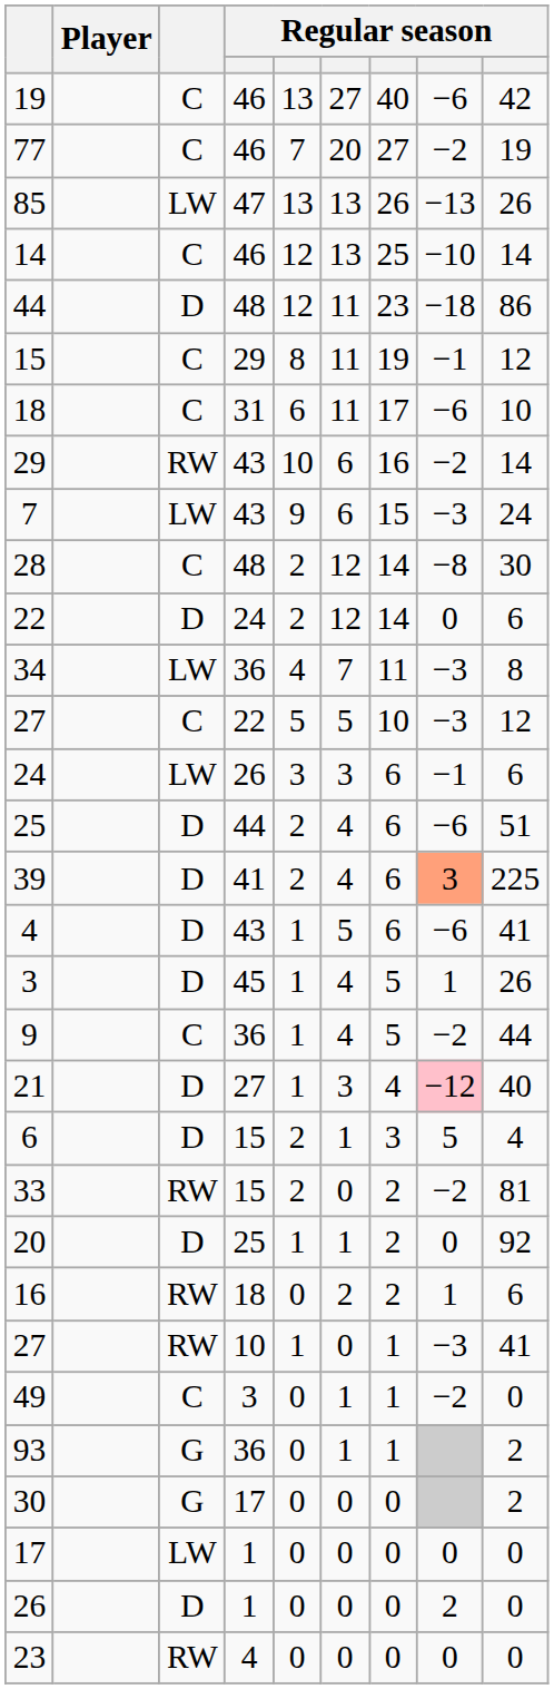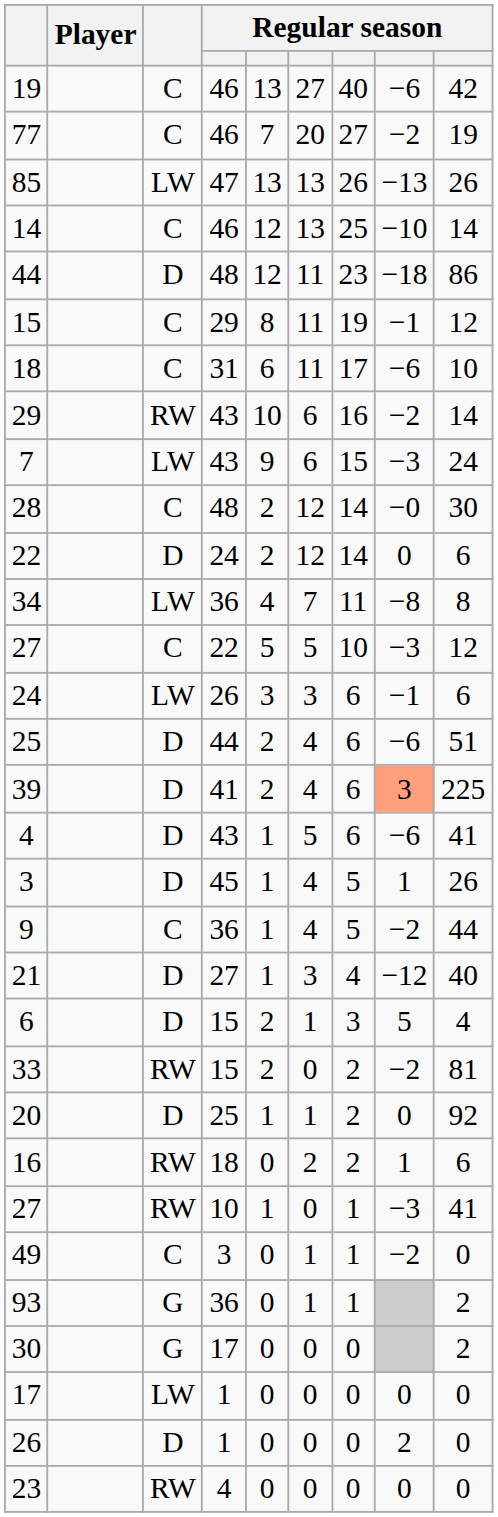 <table class="wikitable sortable plainrowheaders" style="text-align:center;">
 <tr>
 <th scope="col" data-sort-type="number" rowspan="2"></th>
 <th scope="col" rowspan="2">Player</th>
 <th scope="col" rowspan="2"></th>
 <th scope=colgroup colspan=6>Regular season</th>
 </tr>
 <tr>
 <th scope="col" data-sort-type="number"></th>
 <th scope="col" data-sort-type="number"></th>
 <th scope="col" data-sort-type="number"></th>
 <th scope="col" data-sort-type="number"></th>
 <th scope="col" data-sort-type="number"></th>
 <th scope="col" data-sort-type="number"></th>
 </tr>
 <tr>
 <td scope="row">19</td>
 <td align="left"></td>
 <td>C</td>
 <td>46</td>
 <td>13</td>
 <td>27</td>
 <td>40</td>
 <td>−6</td>
 <td>42</td>
 </tr>
 <tr>
 <td scope="row">77</td>
 <td align="left"></td>
 <td>C</td>
 <td>46</td>
 <td>7</td>
 <td>20</td>
 <td>27</td>
 <td>−2</td>
 <td>19</td>
 </tr>
 <tr>
 <td scope="row">85</td>
 <td align="left"></td>
 <td>LW</td>
 <td>47</td>
 <td>13</td>
 <td>13</td>
 <td>26</td>
 <td>−13</td>
 <td>26</td>
 </tr>
 <tr>
 <td scope="row">14</td>
 <td align="left"></td>
 <td>C</td>
 <td>46</td>
 <td>12</td>
 <td>13</td>
 <td>25</td>
 <td>−10</td>
 <td>14</td>
 </tr>
 <tr>
 <td scope="row">44</td>
 <td align="left"></td>
 <td>D</td>
 <td>48</td>
 <td>12</td>
 <td>11</td>
 <td>23</td>
 <td>−18</td>
 <td>86</td>
 </tr>
 <tr>
 <td scope="row">15</td>
 <td align="left"></td>
 <td>C</td>
 <td>29</td>
 <td>8</td>
 <td>11</td>
 <td>19</td>
 <td>−1</td>
 <td>12</td>
 </tr>
 <tr>
 <td scope="row">18</td>
 <td align="left"></td>
 <td>C</td>
 <td>31</td>
 <td>6</td>
 <td>11</td>
 <td>17</td>
 <td>−6</td>
 <td>10</td>
 </tr>
 <tr>
 <td scope="row">29</td>
 <td align="left"></td>
 <td>RW</td>
 <td>43</td>
 <td>10</td>
 <td>6</td>
 <td>16</td>
 <td>−2</td>
 <td>14</td>
 </tr>
 <tr>
 <td scope="row">7</td>
 <td align="left"></td>
 <td>LW</td>
 <td>43</td>
 <td>9</td>
 <td>6</td>
 <td>15</td>
 <td>−3</td>
 <td>24</td>
 </tr>
 <tr>
 <td scope="row">28</td>
 <td align="left"></td>
 <td>C</td>
 <td>48</td>
 <td>2</td>
 <td>12</td>
 <td>14</td>
-<td>−8</td>
+<td>−0</td>
 <td>30</td>
 </tr>
 <tr>
 <td scope="row">22</td>
 <td align="left"></td>
 <td>D</td>
 <td>24</td>
 <td>2</td>
 <td>12</td>
 <td>14</td>
 <td>0</td>
 <td>6</td>
 </tr>
 <tr>
 <td scope="row">34</td>
 <td align="left"></td>
 <td>LW</td>
 <td>36</td>
 <td>4</td>
 <td>7</td>
 <td>11</td>
-<td>−3</td>
+<td>−8</td>
 <td>8</td>
 </tr>
 <tr>
 <td scope="row">27</td>
 <td align="left"></td>
 <td>C</td>
 <td>22</td>
 <td>5</td>
 <td>5</td>
 <td>10</td>
 <td>−3</td>
 <td>12</td>
 </tr>
 <tr>
 <td scope="row">24</td>
 <td align="left"></td>
 <td>LW</td>
 <td>26</td>
 <td>3</td>
 <td>3</td>
 <td>6</td>
 <td>−1</td>
 <td>6</td>
 </tr>
 <tr>
 <td scope="row">25</td>
 <td align="left"></td>
 <td>D</td>
 <td>44</td>
 <td>2</td>
 <td>4</td>
 <td>6</td>
 <td>−6</td>
 <td>51</td>
 </tr>
 <tr>
 <td scope="row">39</td>
 <td align="left"></td>
 <td>D</td>
 <td>41</td>
 <td>2</td>
 <td>4</td>
 <td>6</td>
 <td style="background: lightsalmon;">3</td>
 <td>225</td>
 </tr>
 <tr>
 <td scope="row">4</td>
 <td align="left"></td>
 <td>D</td>
 <td>43</td>
 <td>1</td>
 <td>5</td>
 <td>6</td>
 <td>−6</td>
 <td>41</td>
 </tr>
 <tr>
 <td scope="row">3</td>
 <td align="left"></td>
 <td>D</td>
 <td>45</td>
 <td>1</td>
 <td>4</td>
 <td>5</td>
 <td>1</td>
 <td>26</td>
 </tr>
 <tr>
 <td scope="row">9</td>
 <td align="left"></td>
 <td>C</td>
 <td>36</td>
 <td>1</td>
 <td>4</td>
 <td>5</td>
 <td>−2</td>
 <td>44</td>
 </tr>
 <tr>
 <td scope="row">21</td>
 <td align="left"></td>
 <td>D</td>
 <td>27</td>
 <td>1</td>
 <td>3</td>
 <td>4</td>
-<td style="background: pink;">−12</td>
+<td>−12</td>
 <td>40</td>
 </tr>
 <tr>
 <td scope="row">6</td>
 <td align="left"></td>
 <td>D</td>
 <td>15</td>
 <td>2</td>
 <td>1</td>
 <td>3</td>
 <td>5</td>
 <td>4</td>
 </tr>
 <tr>
 <td scope="row">33</td>
 <td align="left"></td>
 <td>RW</td>
 <td>15</td>
 <td>2</td>
 <td>0</td>
 <td>2</td>
 <td>−2</td>
 <td>81</td>
 </tr>
 <tr>
 <td scope="row">20</td>
 <td align="left"></td>
 <td>D</td>
 <td>25</td>
 <td>1</td>
 <td>1</td>
 <td>2</td>
 <td>0</td>
 <td>92</td>
 </tr>
 <tr>
 <td scope="row">16</td>
 <td align="left"></td>
 <td>RW</td>
 <td>18</td>
 <td>0</td>
 <td>2</td>
 <td>2</td>
 <td>1</td>
 <td>6</td>
 </tr>
 <tr>
 <td scope="row">27</td>
 <td align="left"></td>
 <td>RW</td>
 <td>10</td>
 <td>1</td>
 <td>0</td>
 <td>1</td>
 <td>−3</td>
 <td>41</td>
 </tr>
 <tr>
 <td scope="row">49</td>
 <td align="left"></td>
 <td>C</td>
 <td>3</td>
 <td>0</td>
 <td>1</td>
 <td>1</td>
 <td>−2</td>
 <td>0</td>
 </tr>
 <tr>
 <td scope="row">93</td>
 <td align="left"></td>
 <td>G</td>
 <td>36</td>
 <td>0</td>
 <td>1</td>
 <td>1</td>
 <td style="background:#ccc"></td>
 <td>2</td>
 </tr>
 <tr>
 <td scope="row">30</td>
 <td align="left"></td>
 <td>G</td>
 <td>17</td>
 <td>0</td>
 <td>0</td>
 <td>0</td>
 <td style="background:#ccc"></td>
 <td>2</td>
 </tr>
 <tr>
 <td scope="row">17</td>
 <td align="left"></td>
 <td>LW</td>
 <td>1</td>
 <td>0</td>
 <td>0</td>
 <td>0</td>
 <td>0</td>
 <td>0</td>
 </tr>
 <tr>
 <td scope="row">26</td>
 <td align="left"></td>
 <td>D</td>
 <td>1</td>
 <td>0</td>
 <td>0</td>
 <td>0</td>
 <td>2</td>
 <td>0</td>
 </tr>
 <tr>
 <td scope="row">23</td>
 <td align="left"></td>
 <td>RW</td>
 <td>4</td>
 <td>0</td>
 <td>0</td>
 <td>0</td>
 <td>0</td>
 <td>0</td>
 </tr>
 </table>
